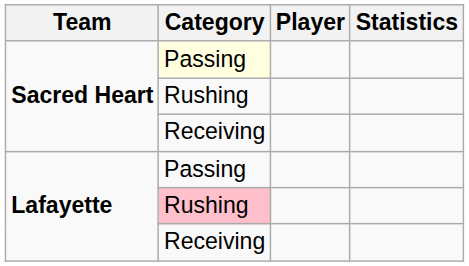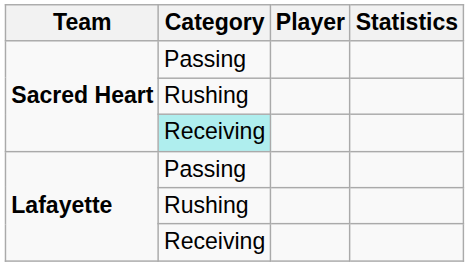 <table class="wikitable" style="float: right;">
 <tr>
 <th>Team</th>
 <th>Category</th>
 <th>Player</th>
 <th>Statistics</th>
 </tr>
 <tr>
 <td rowspan=3><strong>Sacred Heart</strong></td>
-<td style="background: lightyellow;">Passing</td>
+<td>Passing</td>
+<td></td>
+<td></td>
+</tr>
+<tr>
+<td>Rushing</td>
+<td></td>
+<td></td>
+</tr>
+<tr>
+<td style="background: paleturquoise;">Receiving</td>
+<td></td>
+<td></td>
+</tr>
+<tr>
+<td rowspan=3><strong>Lafayette</strong></td>
+<td>Passing</td>
 <td></td>
 <td></td>
 </tr>
 <tr>
 <td>Rushing</td>
 <td></td>
 <td></td>
 </tr>
 <tr>
 <td>Receiving</td>
 <td></td>
 <td></td>
 </tr>
-<tr>
-<td rowspan=3><strong>Lafayette</strong></td>
-<td>Passing</td>
-<td></td>
-<td></td>
-</tr>
-<tr>
-<td style="background: pink;">Rushing</td>
-<td></td>
-<td></td>
-</tr>
-<tr>
-<td>Receiving</td>
-<td></td>
-<td></td>
-</tr>
 </table>
